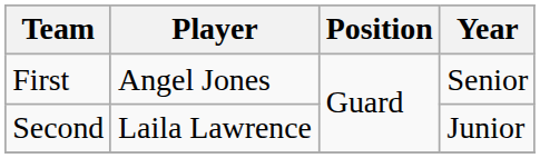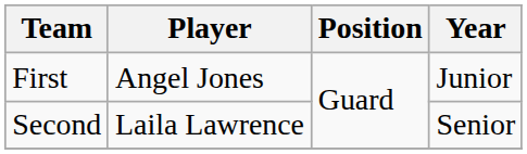 <table class="wikitable" border="1">
 <tr align=center>
 <th>Team</th>
 <th>Player</th>
 <th>Position</th>
 <th>Year</th>
 </tr>
 <tr>
 <td>First</td>
 <td>Angel Jones</td>
 <td rowspan=2>Guard</td>
-<td>Senior</td>
+<td>Junior</td>
 </tr>
 <tr>
 <td>Second</td>
 <td>Laila Lawrence</td>
-<td>Junior</td>
+<td>Senior</td>
 </tr>
 <tr>
 </tr>
 </table>
